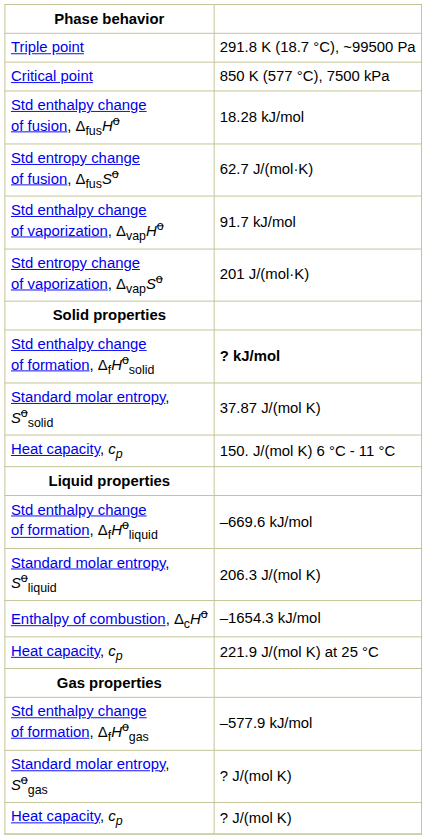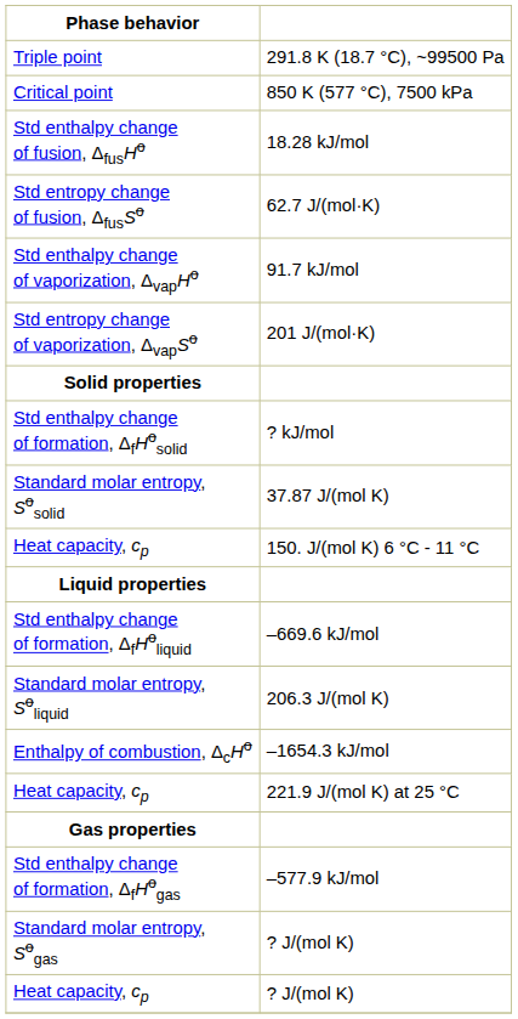 <table border="1" cellspacing="0" cellpadding="6" style="margin: 0 0 0 0.5em; background: #FFFFFF; border-collapse: collapse; border-color: #C0C090;">
 <tr>
 <th>Phase behavior</th>
 </tr>
 <tr>
 <td><a href='#'>Triple point</a></td>
 <td>291.8	K (18.7 °C), ~99500 Pa</td>
 </tr>
 <tr>
 <td><a href='#'>Critical point</a></td>
 <td>850 K (577 °C), 7500 kPa</td>
 </tr>
 <tr>
 <td><a href='#'>Std enthalpy change<br>of fusion</a>, Δ<sub>fus</sub><em>H</em><sup><s>o</s></sup></td>
 <td>18.28 kJ/mol</td>
 </tr>
 <tr>
 <td><a href='#'>Std entropy change<br>of fusion</a>, Δ<sub>fus</sub><em>S</em><sup><s>o</s></sup></td>
 <td>62.7 J/(mol·K)</td>
 </tr>
 <tr>
 <td><a href='#'>Std enthalpy change<br>of vaporization</a>, Δ<sub>vap</sub><em>H</em><sup><s>o</s></sup></td>
 <td>91.7 kJ/mol</td>
 </tr>
 <tr>
 <td><a href='#'>Std entropy change<br>of vaporization</a>, Δ<sub>vap</sub><em>S</em><sup><s>o</s></sup></td>
 <td>201 J/(mol·K)</td>
 </tr>
 <tr>
 <th>Solid properties</th>
 </tr>
 <tr>
 <td><a href='#'>Std enthalpy change<br>of formation</a>, Δ<sub>f</sub><em>H</em><sup><s>o</s></sup><sub>solid</sub></td>
-<td><strong>? kJ/mol</strong></td>
+<td>? kJ/mol</td>
 </tr>
 <tr>
 <td><a href='#'>Standard molar entropy</a>,<br><em>S</em><sup><s>o</s></sup><sub>solid</sub></td>
 <td>37.87 J/(mol K)</td>
 </tr>
 <tr>
 <td><a href='#'>Heat capacity</a>, <em>c<sub>p</sub></em></td>
 <td>150. J/(mol K) 6 °C - 11 °C</td>
 </tr>
 <tr>
 <th>Liquid properties</th>
 </tr>
 <tr>
 <td><a href='#'>Std enthalpy change<br>of formation</a>, Δ<sub>f</sub><em>H</em><sup><s>o</s></sup><sub>liquid</sub></td>
 <td>–669.6 kJ/mol</td>
 </tr>
 <tr>
 <td><a href='#'>Standard molar entropy</a>,<br><em>S</em><sup><s>o</s></sup><sub>liquid</sub></td>
 <td>206.3 J/(mol K)</td>
 </tr>
 <tr>
 <td><a href='#'>Enthalpy of combustion</a>, Δ<sub>c</sub><em>H</em><sup><s>o</s></sup></td>
 <td>–1654.3 kJ/mol</td>
 </tr>
 <tr>
 <td><a href='#'>Heat capacity</a>, <em>c<sub>p</sub></em></td>
 <td>221.9 J/(mol K) at 25 °C</td>
 </tr>
 <tr>
 <th>Gas properties</th>
 </tr>
 <tr>
 <td><a href='#'>Std enthalpy change<br>of formation</a>, Δ<sub>f</sub><em>H</em><sup><s>o</s></sup><sub>gas</sub></td>
 <td>–577.9 kJ/mol</td>
 </tr>
 <tr>
 <td><a href='#'>Standard molar entropy</a>,<br><em>S</em><sup><s>o</s></sup><sub>gas</sub></td>
 <td>? J/(mol K)</td>
 </tr>
 <tr>
 <td><a href='#'>Heat capacity</a>, <em>c<sub>p</sub></em></td>
 <td>? J/(mol K)</td>
 </tr>
 <tr>
 </tr>
 </table>
